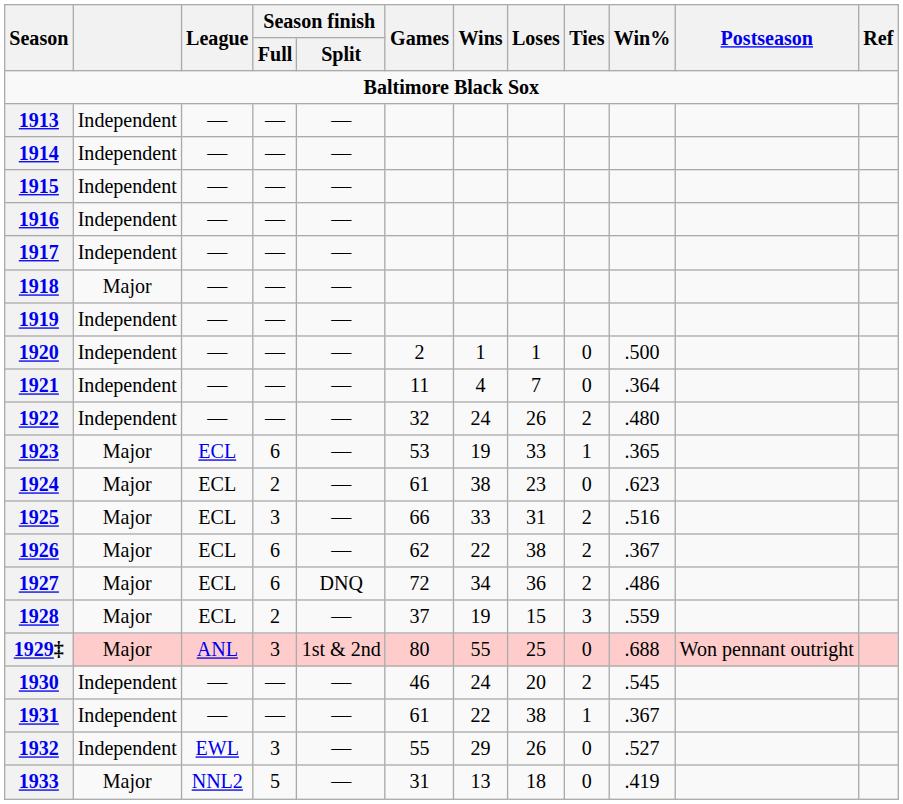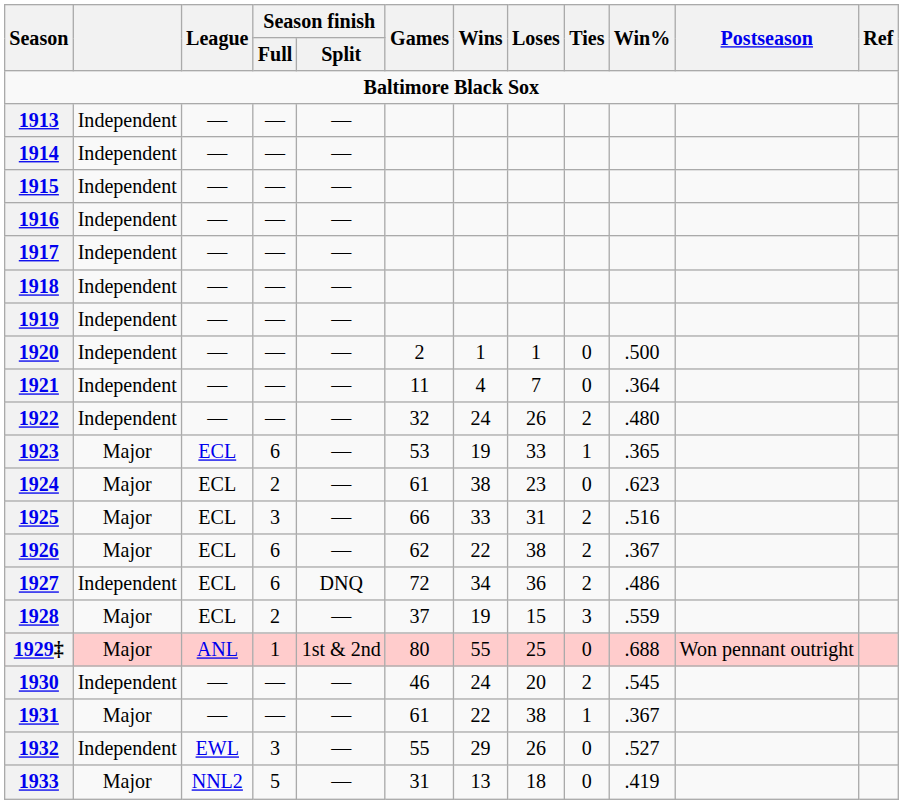 <table class="wikitable sortable" style="text-align:center; font-size:95%">
 <tr>
 <th rowspan="2">Season</th>
 <th rowspan="2"></th>
 <th rowspan="2">League</th>
 <th colspan="2">Season finish</th>
 <th rowspan="2">Games</th>
 <th rowspan="2">Wins</th>
 <th rowspan="2">Loses</th>
 <th rowspan="2">Ties</th>
 <th rowspan="2">Win%</th>
 <th rowspan="2"><a href='#'>Postseason</a></th>
 <th rowspan="2">Ref</th>
 </tr>
 <tr>
 <th>Full</th>
 <th>Split</th>
 </tr>
 <tr>
 <td align="center" colspan="12"><strong>Baltimore Black Sox</strong></td>
 </tr>
 <tr>
 <th><a href='#'>1913</a></th>
 <td>Independent</td>
 <td>—</td>
 <td>—</td>
 <td>—</td>
 <td></td>
 <td></td>
 <td></td>
 <td></td>
 <td></td>
 <td></td>
 <td></td>
 </tr>
 <tr>
 <th><a href='#'>1914</a></th>
 <td>Independent</td>
 <td>—</td>
 <td>—</td>
 <td>—</td>
 <td></td>
 <td></td>
 <td></td>
 <td></td>
 <td></td>
 <td></td>
 <td></td>
 </tr>
 <tr>
 <th><a href='#'>1915</a></th>
 <td>Independent</td>
 <td>—</td>
 <td>—</td>
 <td>—</td>
 <td></td>
 <td></td>
 <td></td>
 <td></td>
 <td></td>
 <td></td>
 <td></td>
 </tr>
 <tr>
 <th><a href='#'>1916</a></th>
 <td>Independent</td>
 <td>—</td>
 <td>—</td>
 <td>—</td>
 <td></td>
 <td></td>
 <td></td>
 <td></td>
 <td></td>
 <td></td>
 <td></td>
 </tr>
 <tr>
 <th><a href='#'>1917</a></th>
 <td>Independent</td>
 <td>—</td>
 <td>—</td>
 <td>—</td>
 <td></td>
 <td></td>
 <td></td>
 <td></td>
 <td></td>
 <td></td>
 <td></td>
 </tr>
 <tr>
 <th><a href='#'>1918</a></th>
-<td>Major</td>
+<td>Independent</td>
 <td>—</td>
 <td>—</td>
 <td>—</td>
 <td></td>
 <td></td>
 <td></td>
 <td></td>
 <td></td>
 <td></td>
 <td></td>
 </tr>
 <tr>
 <th><a href='#'>1919</a></th>
 <td>Independent</td>
 <td>—</td>
 <td>—</td>
 <td>—</td>
 <td></td>
 <td></td>
 <td></td>
 <td></td>
 <td></td>
 <td></td>
 <td></td>
 </tr>
 <tr>
 <th><a href='#'>1920</a></th>
 <td>Independent</td>
 <td>—</td>
 <td>—</td>
 <td>—</td>
 <td>2</td>
 <td>1</td>
 <td>1</td>
 <td>0</td>
 <td>.500</td>
 <td></td>
 <td></td>
 </tr>
 <tr>
 <th><a href='#'>1921</a></th>
 <td>Independent</td>
 <td>—</td>
 <td>—</td>
 <td>—</td>
 <td>11</td>
 <td>4</td>
 <td>7</td>
 <td>0</td>
 <td>.364</td>
 <td></td>
 <td></td>
 </tr>
 <tr>
 <th><a href='#'>1922</a></th>
 <td>Independent</td>
 <td>—</td>
 <td>—</td>
 <td>—</td>
 <td>32</td>
 <td>24</td>
 <td>26</td>
 <td>2</td>
 <td>.480</td>
 <td></td>
 <td></td>
 </tr>
 <tr>
 <th><a href='#'>1923</a></th>
 <td>Major</td>
 <td><a href='#'>ECL</a></td>
 <td>6</td>
 <td>—</td>
 <td>53</td>
 <td>19</td>
 <td>33</td>
 <td>1</td>
 <td>.365</td>
 <td></td>
 <td></td>
 </tr>
 <tr>
 <th><a href='#'>1924</a></th>
 <td>Major</td>
 <td>ECL</td>
 <td>2</td>
 <td>—</td>
 <td>61</td>
 <td>38</td>
 <td>23</td>
 <td>0</td>
 <td>.623</td>
 <td></td>
 <td></td>
 </tr>
 <tr>
 <th><a href='#'>1925</a></th>
 <td>Major</td>
 <td>ECL</td>
 <td>3</td>
 <td>—</td>
 <td>66</td>
 <td>33</td>
 <td>31</td>
 <td>2</td>
 <td>.516</td>
 <td></td>
 <td></td>
 </tr>
 <tr>
 <th><a href='#'>1926</a></th>
 <td>Major</td>
 <td>ECL</td>
 <td>6</td>
 <td>—</td>
 <td>62</td>
 <td>22</td>
 <td>38</td>
 <td>2</td>
 <td>.367</td>
 <td></td>
 <td></td>
 </tr>
 <tr>
 <th><a href='#'>1927</a></th>
-<td>Major</td>
+<td>Independent</td>
 <td>ECL</td>
 <td>6</td>
 <td>DNQ</td>
 <td>72</td>
 <td>34</td>
 <td>36</td>
 <td>2</td>
 <td>.486</td>
 <td></td>
 <td></td>
 </tr>
 <tr>
 <th><a href='#'>1928</a></th>
 <td>Major</td>
 <td>ECL</td>
 <td>2</td>
 <td>—</td>
 <td>37</td>
 <td>19</td>
 <td>15</td>
 <td>3</td>
 <td>.559</td>
 <td></td>
 <td></td>
 </tr>
 <tr bgcolor="#FFCCCC">
 <th><a href='#'>1929</a>‡</th>
 <td>Major</td>
 <td><a href='#'>ANL</a></td>
-<td>3</td>
+<td>1</td>
 <td>1st & 2nd</td>
 <td>80</td>
 <td>55</td>
 <td>25</td>
 <td>0</td>
 <td>.688</td>
 <td>Won pennant outright</td>
 <td></td>
 </tr>
 <tr>
 <th><a href='#'>1930</a></th>
 <td>Independent</td>
 <td>—</td>
 <td>—</td>
 <td>—</td>
 <td>46</td>
 <td>24</td>
 <td>20</td>
 <td>2</td>
 <td>.545</td>
 <td></td>
 <td></td>
 </tr>
 <tr>
 <th><a href='#'>1931</a></th>
-<td>Independent</td>
+<td>Major</td>
 <td>—</td>
 <td>—</td>
 <td>—</td>
 <td>61</td>
 <td>22</td>
 <td>38</td>
 <td>1</td>
 <td>.367</td>
 <td></td>
 <td></td>
 </tr>
 <tr>
 <th><a href='#'>1932</a></th>
 <td>Independent</td>
 <td><a href='#'>EWL</a></td>
 <td>3</td>
 <td>—</td>
 <td>55</td>
 <td>29</td>
 <td>26</td>
 <td>0</td>
 <td>.527</td>
 <td></td>
 <td></td>
 </tr>
 <tr>
 <th><a href='#'>1933</a></th>
 <td>Major</td>
 <td><a href='#'>NNL2</a></td>
 <td>5</td>
 <td>—</td>
 <td>31</td>
 <td>13</td>
 <td>18</td>
 <td>0</td>
 <td>.419</td>
 <td></td>
 <td></td>
 </tr>
 </table>
